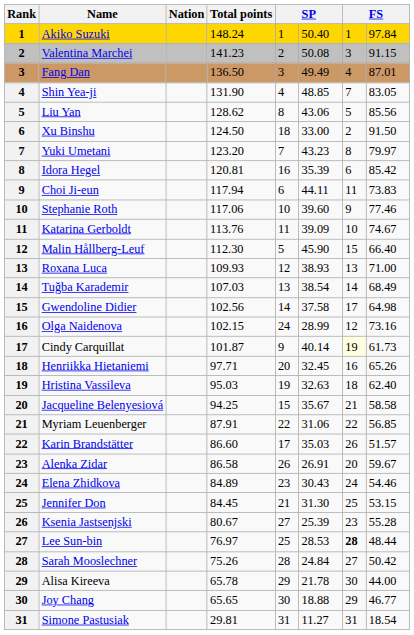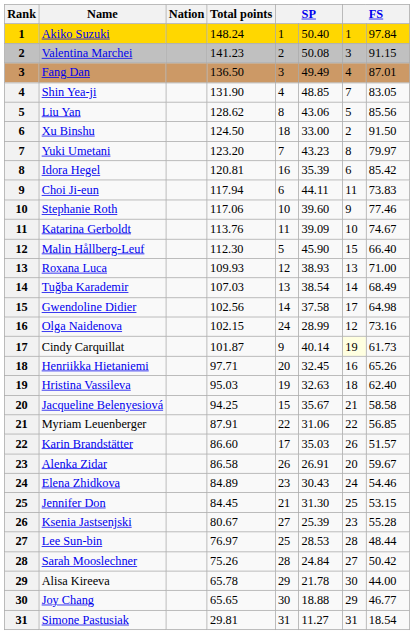 <table class="wikitable sortable">
 <tr>
 <th>Rank</th>
 <th>Name</th>
 <th>Nation</th>
 <th>Total points</th>
 <th colspan="2" width="80px"><a href='#'>SP</a></th>
 <th colspan="2" width="80px"><a href='#'>FS</a></th>
 </tr>
 <tr bgcolor="gold">
 <td align="center"><strong>1</strong></td>
 <td><a href='#'>Akiko Suzuki</a></td>
 <td></td>
 <td>148.24</td>
 <td>1</td>
 <td>50.40</td>
 <td>1</td>
 <td>97.84</td>
 </tr>
 <tr bgcolor="silver">
 <td align="center"><strong>2</strong></td>
 <td><a href='#'>Valentina Marchei</a></td>
 <td></td>
 <td>141.23</td>
 <td>2</td>
 <td>50.08</td>
 <td>3</td>
 <td>91.15</td>
 </tr>
 <tr bgcolor="cc9966">
 <td align="center"><strong>3</strong></td>
 <td><a href='#'>Fang Dan</a></td>
 <td></td>
 <td>136.50</td>
 <td>3</td>
 <td>49.49</td>
 <td>4</td>
 <td>87.01</td>
 </tr>
 <tr>
 <th>4</th>
 <td><a href='#'>Shin Yea-ji</a></td>
 <td></td>
 <td>131.90</td>
 <td>4</td>
 <td>48.85</td>
 <td>7</td>
 <td>83.05</td>
 </tr>
 <tr>
 <th>5</th>
 <td><a href='#'>Liu Yan</a></td>
 <td></td>
 <td>128.62</td>
 <td>8</td>
 <td>43.06</td>
 <td>5</td>
 <td>85.56</td>
 </tr>
 <tr>
 <th>6</th>
 <td><a href='#'>Xu Binshu</a></td>
 <td></td>
 <td>124.50</td>
 <td>18</td>
 <td>33.00</td>
 <td>2</td>
 <td>91.50</td>
 </tr>
 <tr>
 <th>7</th>
 <td><a href='#'>Yuki Umetani</a></td>
 <td></td>
 <td>123.20</td>
 <td>7</td>
 <td>43.23</td>
 <td>8</td>
 <td>79.97</td>
 </tr>
 <tr>
 <th>8</th>
 <td><a href='#'>Idora Hegel</a></td>
 <td></td>
 <td>120.81</td>
 <td>16</td>
 <td>35.39</td>
 <td>6</td>
 <td>85.42</td>
 </tr>
 <tr>
 <th>9</th>
 <td><a href='#'>Choi Ji-eun</a></td>
 <td></td>
 <td>117.94</td>
 <td>6</td>
 <td>44.11</td>
 <td>11</td>
 <td>73.83</td>
 </tr>
 <tr>
 <th>10</th>
 <td><a href='#'>Stephanie Roth</a></td>
 <td></td>
 <td>117.06</td>
 <td>10</td>
 <td>39.60</td>
 <td>9</td>
 <td>77.46</td>
 </tr>
 <tr>
 <th>11</th>
 <td><a href='#'>Katarina Gerboldt</a></td>
 <td></td>
 <td>113.76</td>
 <td>11</td>
 <td>39.09</td>
 <td>10</td>
 <td>74.67</td>
 </tr>
 <tr>
 <th>12</th>
 <td><a href='#'>Malin Hållberg-Leuf</a></td>
 <td></td>
 <td>112.30</td>
 <td>5</td>
 <td>45.90</td>
 <td>15</td>
 <td>66.40</td>
 </tr>
 <tr>
 <th>13</th>
 <td><a href='#'>Roxana Luca</a></td>
 <td></td>
 <td>109.93</td>
 <td>12</td>
 <td>38.93</td>
 <td>13</td>
 <td>71.00</td>
 </tr>
 <tr>
 <th>14</th>
 <td><a href='#'>Tuğba Karademir</a></td>
 <td></td>
 <td>107.03</td>
 <td>13</td>
 <td>38.54</td>
 <td>14</td>
 <td>68.49</td>
 </tr>
 <tr>
 <th>15</th>
 <td><a href='#'>Gwendoline Didier</a></td>
 <td></td>
 <td>102.56</td>
 <td>14</td>
 <td>37.58</td>
 <td>17</td>
 <td>64.98</td>
 </tr>
 <tr>
 <th>16</th>
 <td><a href='#'>Olga Naidenova</a></td>
 <td></td>
 <td>102.15</td>
 <td>24</td>
 <td>28.99</td>
 <td>12</td>
 <td>73.16</td>
 </tr>
 <tr>
 <th>17</th>
 <td>Cindy Carquillat</td>
 <td></td>
 <td>101.87</td>
 <td>9</td>
 <td>40.14</td>
 <td style="background: lightyellow;">19</td>
 <td>61.73</td>
 </tr>
 <tr>
 <th>18</th>
 <td><a href='#'>Henriikka Hietaniemi</a></td>
 <td></td>
 <td>97.71</td>
 <td>20</td>
 <td>32.45</td>
 <td>16</td>
 <td>65.26</td>
 </tr>
 <tr>
 <th>19</th>
 <td><a href='#'>Hristina Vassileva</a></td>
 <td></td>
 <td>95.03</td>
 <td>19</td>
 <td>32.63</td>
 <td>18</td>
 <td>62.40</td>
 </tr>
 <tr>
 <th>20</th>
 <td><a href='#'>Jacqueline Belenyesiová</a></td>
 <td></td>
 <td>94.25</td>
 <td>15</td>
 <td>35.67</td>
 <td>21</td>
 <td>58.58</td>
 </tr>
 <tr>
 <th>21</th>
 <td>Myriam Leuenberger</td>
 <td></td>
 <td>87.91</td>
 <td>22</td>
 <td>31.06</td>
 <td>22</td>
 <td>56.85</td>
 </tr>
 <tr>
 <th>22</th>
 <td><a href='#'>Karin Brandstätter</a></td>
 <td></td>
 <td>86.60</td>
 <td>17</td>
 <td>35.03</td>
 <td>26</td>
 <td>51.57</td>
 </tr>
 <tr>
 <th>23</th>
 <td><a href='#'>Alenka Zidar</a></td>
 <td></td>
 <td>86.58</td>
 <td>26</td>
 <td>26.91</td>
 <td>20</td>
 <td>59.67</td>
 </tr>
 <tr>
 <th>24</th>
 <td><a href='#'>Elena Zhidkova</a></td>
 <td></td>
 <td>84.89</td>
 <td>23</td>
 <td>30.43</td>
 <td>24</td>
 <td>54.46</td>
 </tr>
 <tr>
 <th>25</th>
 <td><a href='#'>Jennifer Don</a></td>
 <td></td>
 <td>84.45</td>
 <td>21</td>
 <td>31.30</td>
 <td>25</td>
 <td>53.15</td>
 </tr>
 <tr>
 <th>26</th>
 <td><a href='#'>Ksenia Jastsenjski</a></td>
 <td></td>
 <td>80.67</td>
 <td>27</td>
 <td>25.39</td>
 <td>23</td>
 <td>55.28</td>
 </tr>
 <tr>
 <th>27</th>
 <td><a href='#'>Lee Sun-bin</a></td>
 <td></td>
 <td>76.97</td>
 <td>25</td>
 <td>28.53</td>
-<td><strong>28</strong></td>
+<td>28</td>
 <td>48.44</td>
 </tr>
 <tr>
 <th>28</th>
 <td><a href='#'>Sarah Mooslechner</a></td>
 <td></td>
 <td>75.26</td>
 <td>28</td>
 <td>24.84</td>
 <td>27</td>
 <td>50.42</td>
 </tr>
 <tr>
 <th>29</th>
 <td>Alisa Kireeva</td>
 <td></td>
 <td>65.78</td>
 <td>29</td>
 <td>21.78</td>
 <td>30</td>
 <td>44.00</td>
 </tr>
 <tr>
 <th>30</th>
 <td><a href='#'>Joy Chang</a></td>
 <td></td>
 <td>65.65</td>
 <td>30</td>
 <td>18.88</td>
 <td>29</td>
 <td>46.77</td>
 </tr>
 <tr>
 <th>31</th>
 <td><a href='#'>Simone Pastusiak</a></td>
 <td></td>
 <td>29.81</td>
 <td>31</td>
 <td>11.27</td>
 <td>31</td>
 <td>18.54</td>
 </tr>
 </table>
